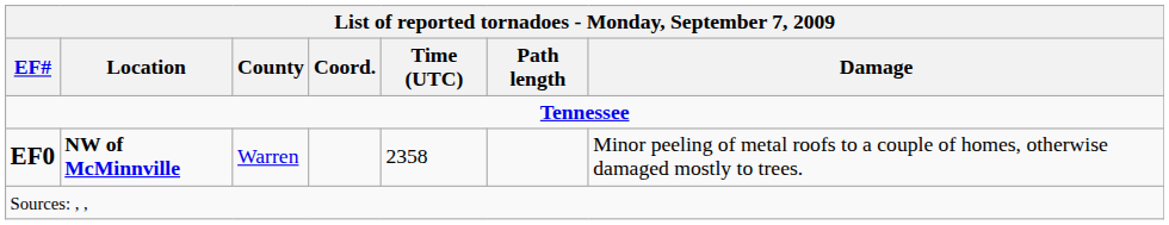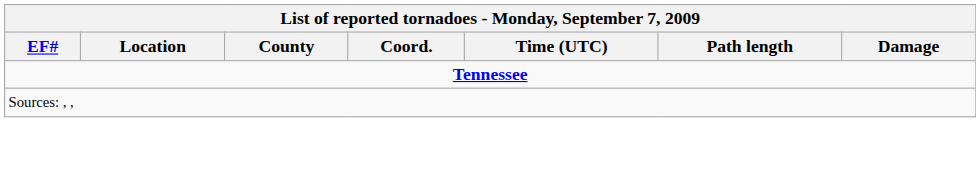 <table class="wikitable collapsible" width="100%">
 <tr>
 <th colspan="7">List of reported tornadoes - Monday, September 7, 2009</th>
 </tr>
 <tr>
 <th><a href='#'>EF#</a></th>
 <th>Location</th>
 <th>County</th>
 <th>Coord.</th>
 <th>Time (UTC)</th>
 <th>Path length</th>
 <th>Damage</th>
 </tr>
 <tr>
 <td colspan="7" align=center><strong><a href='#'>Tennessee</a></strong></td>
 </tr>
 <tr>
-<td><big><strong>EF0</strong></big></td>
-<td><strong>NW of <a href='#'>McMinnville</a></strong></td>
-<td><a href='#'>Warren</a></td>
-<td></td>
-<td>2358</td>
-<td></td>
-<td>Minor peeling of metal roofs to a couple of homes, otherwise damaged mostly to trees.</td>
-</tr>
-<tr>
 <td colspan="7"><small>Sources: , , </small></td>
 </tr>
 </table>
